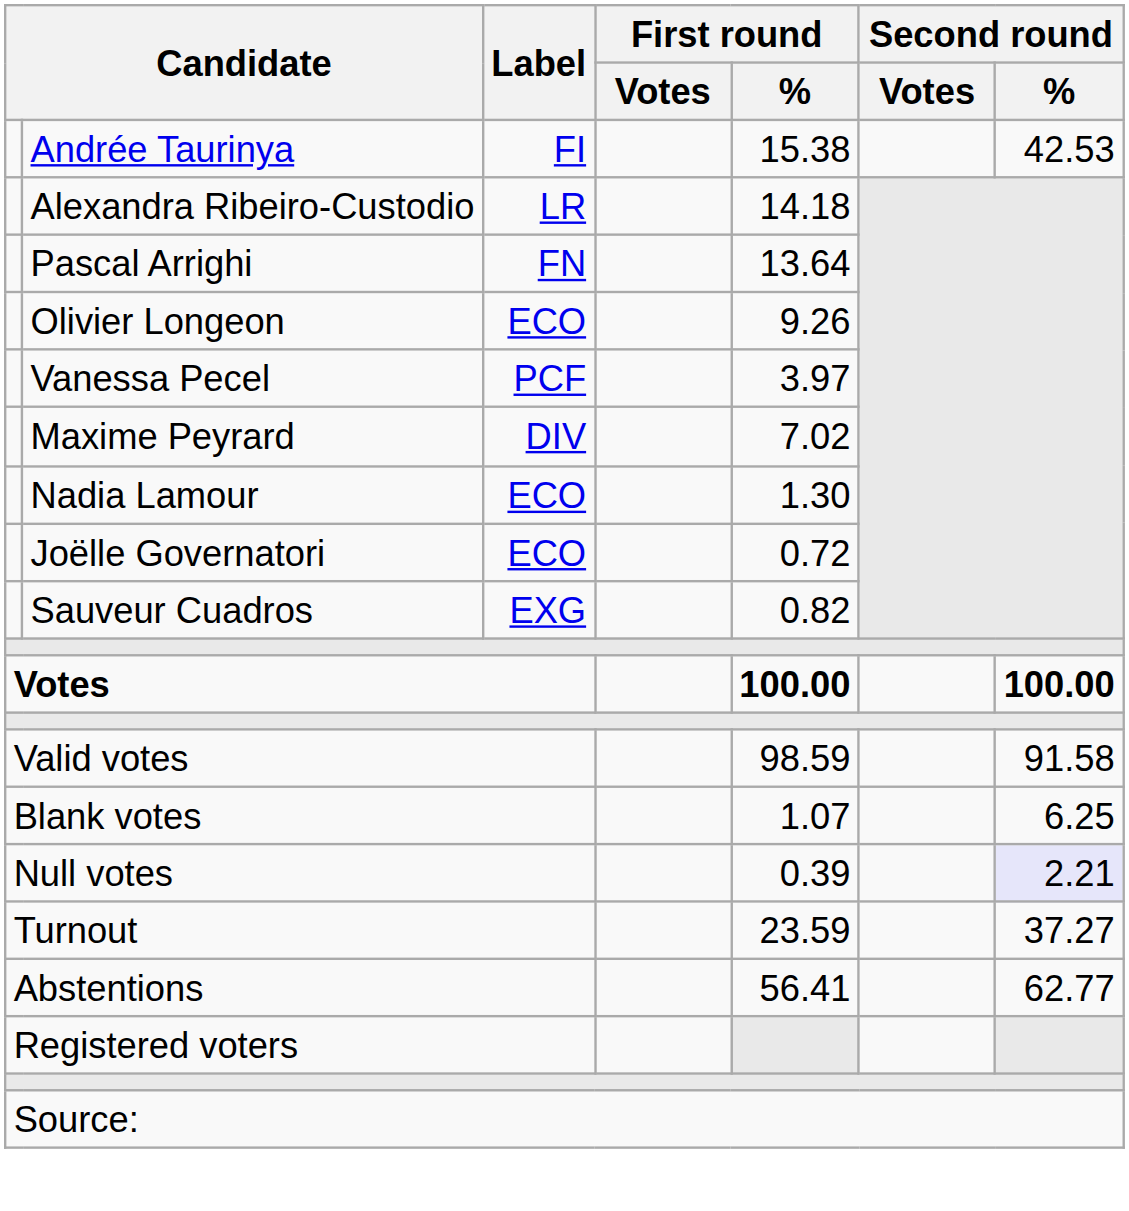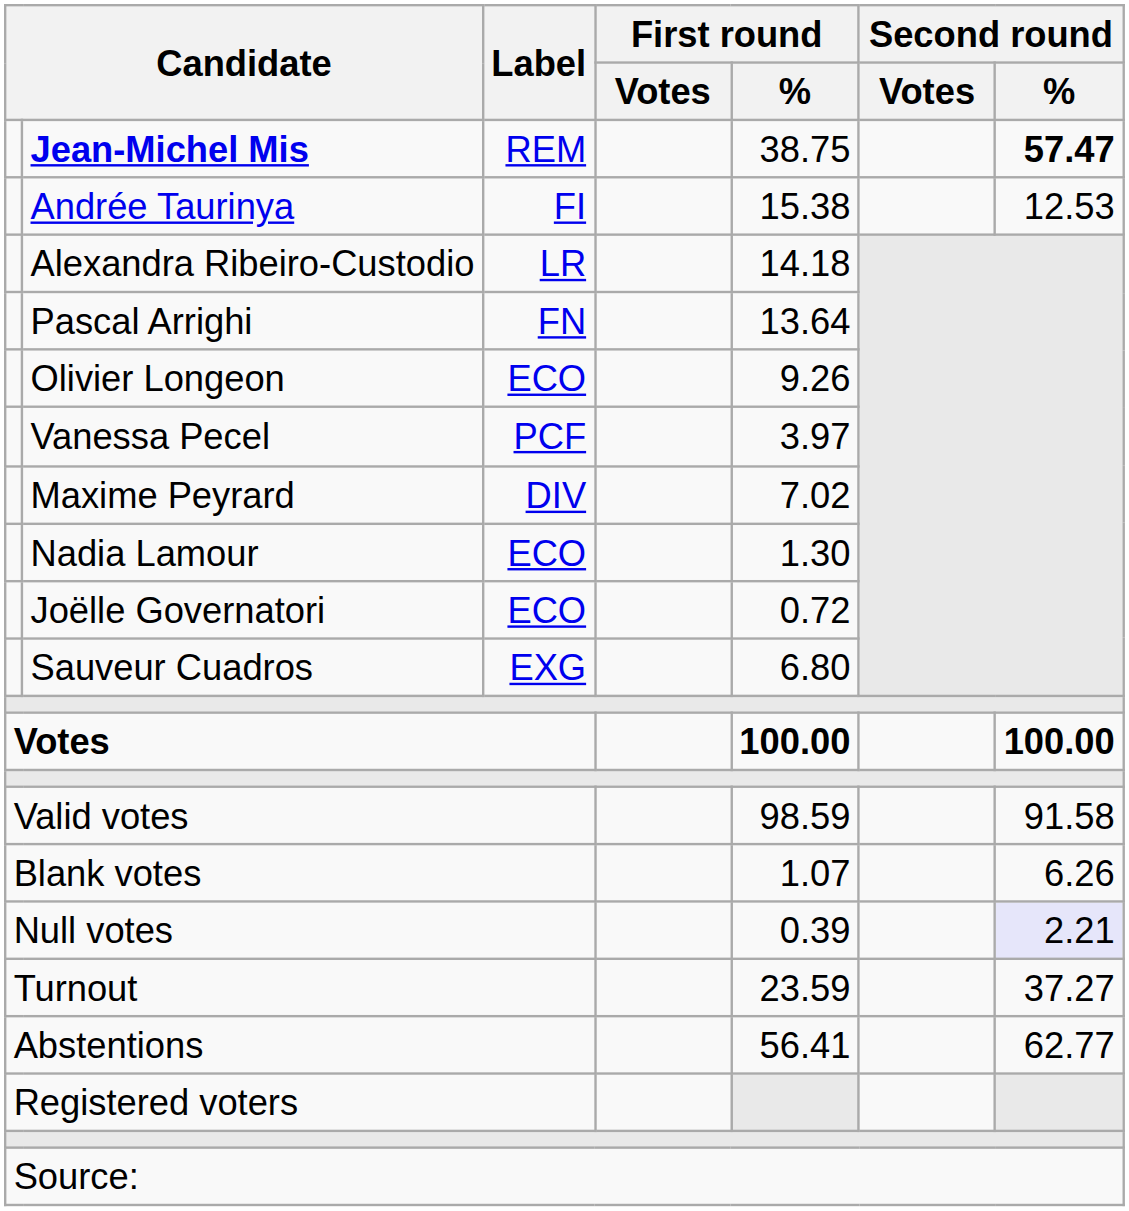 <table class="wikitable" style="text-align:right;font-size:95%;">
 <tr>
 <th rowspan="2" colspan="2">Candidate</th>
 <th rowspan="2">Label</th>
 <th colspan="2">First round</th>
 <th colspan="2">Second round</th>
 </tr>
 <tr>
 <th style="width:50px;">Votes</th>
 <th style="width:45px;">%</th>
 <th style="width:50px;">Votes</th>
 <th style="width:45px;">%</th>
 </tr>
 <tr>
 <td style="color:inherit;background:"></td>
+<td style="text-align:left;"><strong><a href='#'>Jean-Michel Mis</a></strong></td>
+<td><a href='#'>REM</a></td>
+<td></td>
+<td>38.75</td>
+<td><strong></strong></td>
+<td><strong>57.47</strong></td>
+</tr>
+<tr>
+<td style="color:inherit;background:"></td>
 <td style="text-align:left;"><a href='#'>Andrée Taurinya</a></td>
 <td><a href='#'>FI</a></td>
 <td></td>
 <td>15.38</td>
 <td></td>
-<td>42.53</td>
+<td>12.53</td>
 </tr>
 <tr>
 <td style="color:inherit;background:"></td>
 <td style="text-align:left;">Alexandra Ribeiro-Custodio</td>
 <td><a href='#'>LR</a></td>
 <td></td>
 <td>14.18</td>
 <td colspan="2" rowspan="8" style="background:#E9E9E9;"></td>
 </tr>
 <tr>
 <td style="color:inherit;background:"></td>
 <td style="text-align:left;">Pascal Arrighi</td>
 <td><a href='#'>FN</a></td>
 <td></td>
 <td>13.64</td>
 </tr>
 <tr>
 <td style="color:inherit;background:"></td>
 <td style="text-align:left;">Olivier Longeon</td>
 <td><a href='#'>ECO</a></td>
 <td></td>
 <td>9.26</td>
 </tr>
 <tr>
 <td style="color:inherit;background:"></td>
 <td style="text-align:left;">Vanessa Pecel</td>
 <td><a href='#'>PCF</a></td>
 <td></td>
 <td>3.97</td>
 </tr>
 <tr>
 <td style="color:inherit;background:"></td>
 <td style="text-align:left;">Maxime Peyrard</td>
 <td><a href='#'>DIV</a></td>
 <td></td>
 <td>7.02</td>
 </tr>
 <tr>
 <td style="color:inherit;background:"></td>
 <td style="text-align:left;">Nadia Lamour</td>
 <td><a href='#'>ECO</a></td>
 <td></td>
 <td>1.30</td>
 </tr>
 <tr>
 <td style="color:inherit;background:"></td>
 <td style="text-align:left;">Joëlle Governatori</td>
 <td><a href='#'>ECO</a></td>
 <td></td>
 <td>0.72</td>
 </tr>
 <tr>
 <td style="color:inherit;background:"></td>
 <td style="text-align:left;">Sauveur Cuadros</td>
 <td><a href='#'>EXG</a></td>
 <td></td>
-<td>0.82</td>
+<td>6.80</td>
 </tr>
 <tr>
 <td colspan="7" style="background:#E9E9E9;"></td>
 </tr>
 <tr style="font-weight:bold;">
 <td colspan="3" style="text-align:left;">Votes</td>
 <td></td>
 <td>100.00</td>
 <td></td>
 <td>100.00</td>
 </tr>
 <tr>
 <td colspan="7" style="background:#E9E9E9;"></td>
 </tr>
 <tr>
 <td colspan="3" style="text-align:left;">Valid votes</td>
 <td></td>
 <td>98.59</td>
 <td></td>
 <td>91.58</td>
 </tr>
 <tr>
 <td colspan="3" style="text-align:left;">Blank votes</td>
 <td></td>
 <td>1.07</td>
 <td></td>
-<td>6.25</td>
+<td>6.26</td>
 </tr>
 <tr>
 <td colspan="3" style="text-align:left;">Null votes</td>
 <td></td>
 <td>0.39</td>
 <td></td>
 <td style="background: lavender;">2.21</td>
 </tr>
 <tr>
 <td colspan="3" style="text-align:left;">Turnout</td>
 <td></td>
 <td>23.59</td>
 <td></td>
 <td>37.27</td>
 </tr>
 <tr>
 <td colspan="3" style="text-align:left;">Abstentions</td>
 <td></td>
 <td>56.41</td>
 <td></td>
 <td>62.77</td>
 </tr>
 <tr>
 <td colspan="3" style="text-align:left;">Registered voters</td>
 <td></td>
 <td style="color:inherit;background:#E9E9E9;"></td>
 <td></td>
 <td style="color:inherit;background:#E9E9E9;"></td>
 </tr>
 <tr>
 <td colspan="7" style="background:#E9E9E9;"></td>
 </tr>
 <tr>
 <td colspan="7" style="text-align:left;">Source: </td>
 </tr>
 </table>
